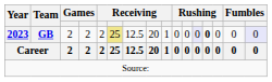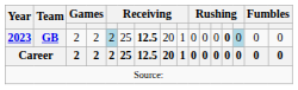 <table class="wikitable" style="text-align:center;">
 <tr>
 <th rowspan="2">Year</th>
 <th rowspan="2">Team</th>
 <th colspan="2">Games</th>
 <th colspan="5">Receiving</th>
 <th colspan="5">Rushing</th>
 <th colspan="2">Fumbles</th>
 </tr>
 <tr>
 <th></th>
 <th></th>
 <th></th>
 <th></th>
 <th></th>
 <th></th>
 <th></th>
 <th></th>
 <th></th>
 <th></th>
 <th></th>
 <th></th>
 <th></th>
 <th></th>
 </tr>
 <tr>
 <th><a href='#'>2023</a></th>
 <th><a href='#'>GB</a></th>
 <td>2</td>
 <td>2</td>
-<td>2</td>
-<td style="background: khaki;">25</td>
-<td>12.5</td>
+<td style="background: lightblue;">2</td>
+<td>25</td>
+<td><strong>12.5</strong></td>
 <td>20</td>
 <td>1</td>
 <td>0</td>
 <td>0</td>
-<td style="background: lavender;">0</td>
+<td>0</td>
 <td><strong>0</strong></td>
+<td style="background: lightblue;">0</td>
 <td>0</td>
 <td>0</td>
-<td style="background: lavender;">0</td>
 </tr>
 <tr>
 <th colspan="2">Career</th>
 <th>2</th>
 <th>2</th>
 <th>2</th>
 <th>25</th>
 <th>12.5</th>
 <th>20</th>
 <th>1</th>
 <th>0</th>
 <th>0</th>
 <th>0</th>
 <th>0</th>
 <th>0</th>
 <th>0</th>
 <th>0</th>
 </tr>
 <tr>
 <td colspan="16"><small>Source: </small></td>
 </tr>
 </table>
